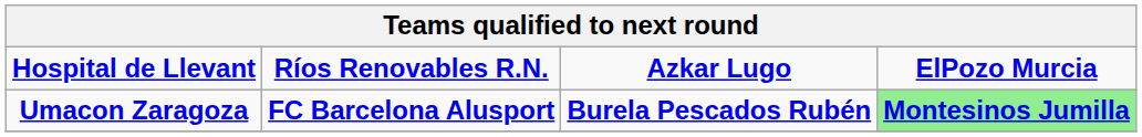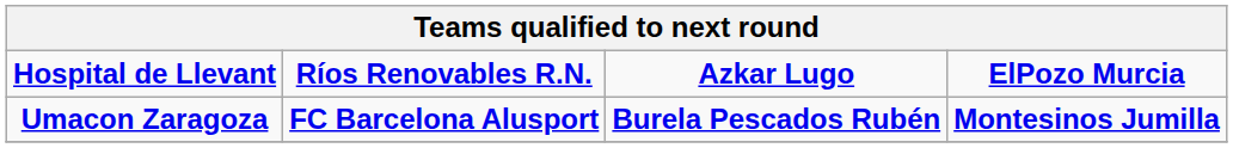 <table class="wikitable" style="text-align: center; margin: 0 auto;">
 <tr>
 <th colspan=4>Teams qualified to next round</th>
 </tr>
 <tr>
 <td><strong><a href='#'>Hospital de Llevant</a></strong></td>
 <td><strong><a href='#'>Ríos Renovables R.N.</a></strong></td>
 <td><strong><a href='#'>Azkar Lugo</a></strong></td>
 <td><strong><a href='#'>ElPozo Murcia</a></strong></td>
 </tr>
 <tr>
 <td><strong><a href='#'>Umacon Zaragoza</a></strong></td>
 <td><strong><a href='#'>FC Barcelona Alusport</a></strong></td>
 <td><strong><a href='#'>Burela Pescados Rubén</a></strong></td>
-<td style="background: lightgreen;"><strong><a href='#'>Montesinos Jumilla</a></strong></td>
+<td><strong><a href='#'>Montesinos Jumilla</a></strong></td>
 </tr>
 <tr>
 </tr>
 </table>
